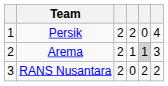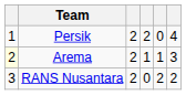 <table class="wikitable" style="text-align:center">
 <tr>
 <th></th>
 <th>Team</th>
 <th></th>
 <th></th>
 <th></th>
 <th></th>
 </tr>
 <tr>
 <td>1</td>
 <td><a href='#'>Persik</a></td>
 <td>2</td>
 <td>2</td>
 <td>0</td>
 <td>4</td>
 </tr>
 <tr>
-<td>2</td>
+<td style="background: lightyellow;">2</td>
 <td><a href='#'>Arema</a></td>
 <td>2</td>
 <td>1</td>
-<td style="background: lightgrey;">1</td>
+<td>1</td>
 <td>3</td>
 </tr>
 <tr>
 <td>3</td>
 <td><a href='#'>RANS Nusantara</a></td>
 <td>2</td>
 <td>0</td>
 <td>2</td>
 <td>2</td>
 </tr>
 </table>
